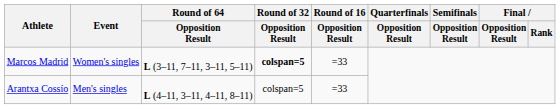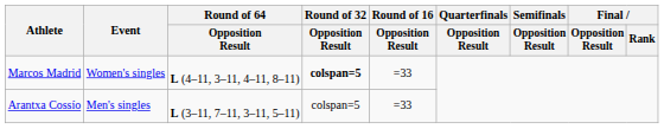 <table class=wikitable style=font-size:90%;text-align:center>
 <tr>
 <th rowspan=2>Athlete</th>
 <th rowspan=2>Event</th>
 <th>Round of 64</th>
 <th>Round of 32</th>
 <th>Round of 16</th>
 <th>Quarterfinals</th>
 <th>Semifinals</th>
 <th colspan=2>Final / </th>
 </tr>
 <tr style=font-size:95%>
 <th>Opposition<br>Result</th>
 <th>Opposition<br>Result</th>
 <th>Opposition<br>Result</th>
 <th>Opposition<br>Result</th>
 <th>Opposition<br>Result</th>
 <th>Opposition<br>Result</th>
 <th>Rank</th>
 </tr>
 <tr>
 <td align=left><a href='#'>Marcos Madrid</a></td>
 <td align=left><a href='#'>Women's singles</a></td>
-<td><br><strong>L</strong> (3–11, 7–11, 3–11, 5–11)</td>
+<td><br><strong>L</strong> (4–11, 3–11, 4–11, 8–11)</td>
 <td><strong>colspan=5</strong></td>
 <td>=33</td>
 </tr>
 <tr>
 <td align=left><a href='#'>Arantxa Cossío</a></td>
 <td align=left><a href='#'>Men's singles</a></td>
-<td><br><strong>L</strong> (4–11, 3–11, 4–11, 8–11)</td>
+<td><br><strong>L</strong> (3–11, 7–11, 3–11, 5–11)</td>
 <td>colspan=5</td>
 <td>=33</td>
 </tr>
 </table>
